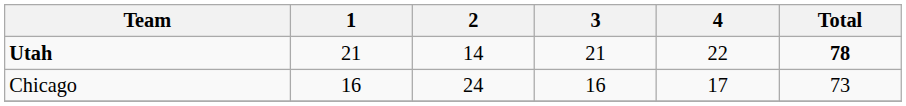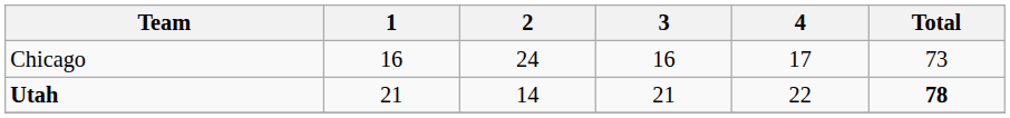 <table class="wikitable">
 <tr style="text-align:center;">
 <th align=left width=14%>Team</th>
 <th width=6%>1</th>
 <th width=6%>2</th>
 <th width=6%>3</th>
 <th width=6%>4</th>
 <th width=6%>Total</th>
 </tr>
 <tr style="text-align:center;">
+<td align=left>Chicago</td>
+<td>16</td>
+<td>24</td>
+<td>16</td>
+<td>17</td>
+<td>73</td>
+</tr>
+<tr style="text-align:center;">
 <td align=left><strong>Utah</strong></td>
 <td>21</td>
 <td>14</td>
 <td>21</td>
 <td>22</td>
 <td><strong>78</strong></td>
 </tr>
 <tr style="text-align:center;">
-<td align=left>Chicago</td>
-<td>16</td>
-<td>24</td>
-<td>16</td>
-<td>17</td>
-<td>73</td>
-</tr>
-<tr style="text-align:center;">
 </tr>
 </table>
